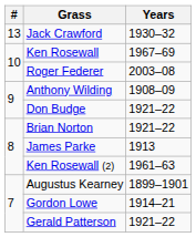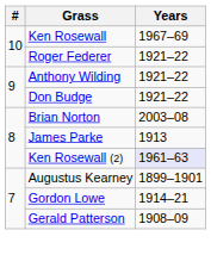 <table class=wikitable style="display:inline-table;">
 <tr>
 <th>#</th>
 <th>Grass</th>
 <th>Years</th>
-</tr>
-<tr>
-<td>13</td>
-<td> <a href='#'>Jack Crawford</a></td>
-<td>1930–32</td>
 </tr>
 <tr>
 <td rowspan="2">10</td>
 <td> <a href='#'>Ken Rosewall</a></td>
 <td>1967–69</td>
 </tr>
 <tr>
 <td> <a href='#'>Roger Federer</a></td>
-<td>2003–08</td>
+<td>1921–22</td>
 </tr>
 <tr>
 <td rowspan="2">9</td>
 <td> <a href='#'>Anthony Wilding</a></td>
-<td>1908–09</td>
+<td>1921–22</td>
 </tr>
 <tr>
 <td> <a href='#'>Don Budge</a></td>
 <td>1921–22</td>
 </tr>
 <tr>
 <td rowspan="3">8</td>
 <td> <a href='#'>Brian Norton</a></td>
-<td>1921–22</td>
+<td>2003–08</td>
 </tr>
 <tr>
 <td> <a href='#'>James Parke</a></td>
 <td>1913</td>
 </tr>
 <tr>
 <td> <a href='#'>Ken Rosewall</a> <small>(2)</small></td>
-<td>1961–63</td>
+<td style="background: lavender;">1961–63</td>
 </tr>
 <tr>
 <td rowspan="3">7</td>
 <td> Augustus Kearney</td>
 <td>1899–1901</td>
 </tr>
 <tr>
 <td> <a href='#'>Gordon Lowe</a></td>
 <td>1914–21</td>
 </tr>
 <tr>
 <td> <a href='#'>Gerald Patterson</a></td>
-<td>1921–22</td>
+<td>1908–09</td>
 </tr>
 </table>
